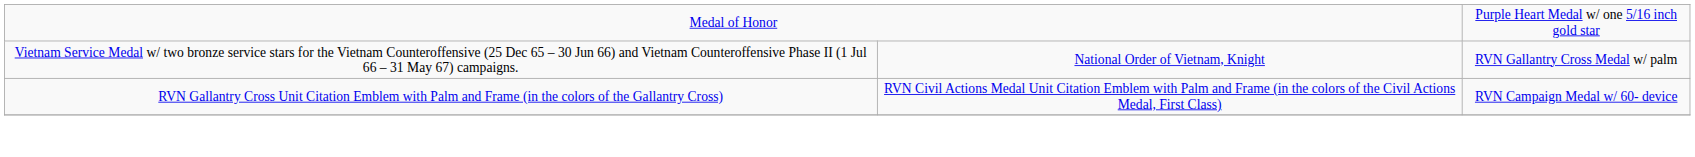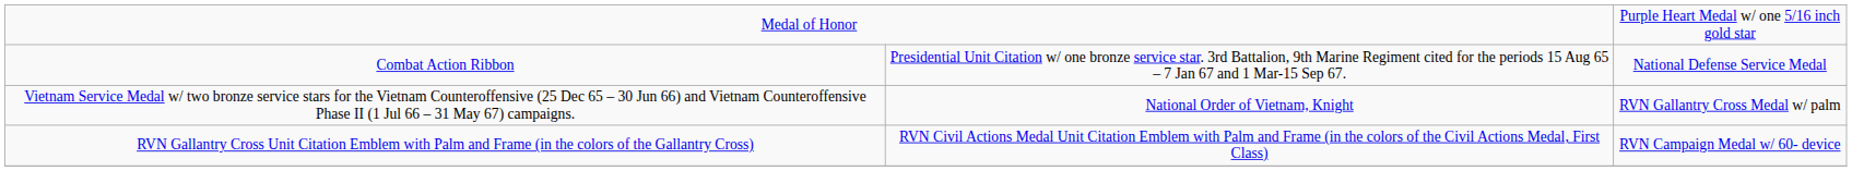 <table class="wikitable" style="margin:1em auto; text-align:center;">
 <tr>
 <td colspan="2"><a href='#'>Medal of Honor</a></td>
 <td><a href='#'>Purple Heart Medal</a> w/ one <a href='#'>5/16 inch gold star</a></td>
+</tr>
+<tr>
+<td><a href='#'>Combat Action Ribbon</a></td>
+<td><a href='#'>Presidential Unit Citation</a> w/ one bronze <a href='#'>service star</a>.  3rd Battalion, 9th Marine Regiment cited for the periods 15 Aug 65 – 7 Jan 67 and 1 Mar-15 Sep 67.</td>
+<td><a href='#'>National Defense Service Medal</a></td>
 </tr>
 <tr>
 <td><a href='#'>Vietnam Service Medal</a> w/ two bronze service stars for the Vietnam Counteroffensive (25 Dec 65 – 30 Jun 66) and Vietnam Counteroffensive Phase II (1 Jul 66 – 31 May 67) campaigns.</td>
 <td><a href='#'>National Order of Vietnam, Knight</a></td>
 <td><a href='#'>RVN Gallantry Cross Medal</a> w/ palm</td>
 </tr>
 <tr>
 <td><a href='#'>RVN Gallantry Cross Unit Citation Emblem with Palm and Frame  (in the colors of the Gallantry Cross)</a></td>
 <td><a href='#'>RVN Civil Actions Medal Unit Citation Emblem with Palm and Frame (in the colors of the Civil Actions Medal, First Class)</a></td>
 <td><a href='#'>RVN Campaign Medal w/ 60- device</a></td>
 </tr>
 <tr>
 </tr>
 </table>
